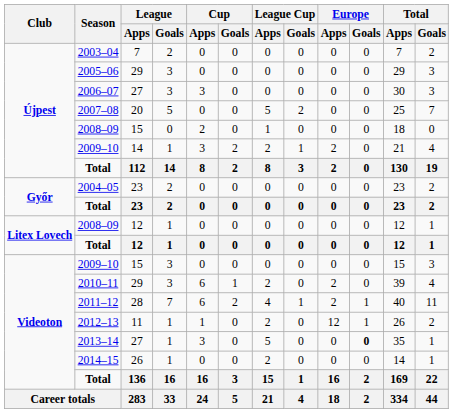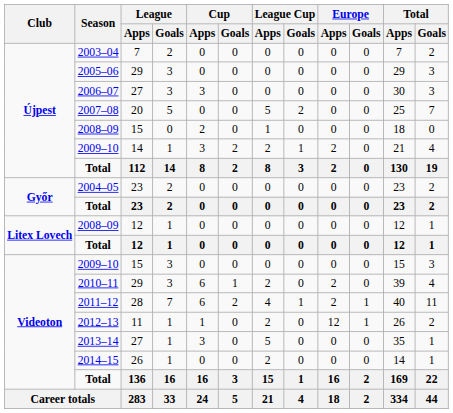 <table class="wikitable" style="font-size:90%; text-align: center;">
 <tr>
 <th rowspan="2">Club</th>
 <th rowspan="2">Season</th>
 <th colspan="2">League</th>
 <th colspan="2">Cup</th>
 <th colspan="2">League Cup</th>
 <th colspan="2"><a href='#'>Europe</a></th>
 <th colspan="2">Total</th>
 </tr>
 <tr>
 <th>Apps</th>
 <th>Goals</th>
 <th>Apps</th>
 <th>Goals</th>
 <th>Apps</th>
 <th>Goals</th>
 <th>Apps</th>
 <th>Goals</th>
 <th>Apps</th>
 <th>Goals</th>
 </tr>
 <tr>
 <td rowspan="7" align=center valign=center><strong><a href='#'>Újpest</a></strong></td>
 <td !colspan="2"><a href='#'>2003–04</a></td>
 <td>7</td>
 <td>2</td>
 <td>0</td>
 <td>0</td>
 <td>0</td>
 <td>0</td>
 <td>0</td>
 <td>0</td>
 <td>7</td>
 <td>2</td>
 </tr>
 <tr>
 <td !colspan="2"><a href='#'>2005–06</a></td>
 <td>29</td>
 <td>3</td>
 <td>0</td>
 <td>0</td>
 <td>0</td>
 <td>0</td>
 <td>0</td>
 <td>0</td>
 <td>29</td>
 <td>3</td>
 </tr>
 <tr>
 <td !colspan="2"><a href='#'>2006–07</a></td>
 <td>27</td>
 <td>3</td>
 <td>3</td>
 <td>0</td>
 <td>0</td>
 <td>0</td>
 <td>0</td>
 <td>0</td>
 <td>30</td>
 <td>3</td>
 </tr>
 <tr>
 <td !colspan="2"><a href='#'>2007–08</a></td>
 <td>20</td>
 <td>5</td>
 <td>0</td>
 <td>0</td>
 <td>5</td>
 <td>2</td>
 <td>0</td>
 <td>0</td>
 <td>25</td>
 <td>7</td>
 </tr>
 <tr>
 <td !colspan="2"><a href='#'>2008–09</a></td>
 <td>15</td>
 <td>0</td>
 <td>2</td>
 <td>0</td>
 <td>1</td>
 <td>0</td>
 <td>0</td>
 <td>0</td>
 <td>18</td>
 <td>0</td>
 </tr>
 <tr>
 <td !colspan="2"><a href='#'>2009–10</a></td>
 <td>14</td>
 <td>1</td>
 <td>3</td>
 <td>2</td>
 <td>2</td>
 <td>1</td>
 <td>2</td>
 <td>0</td>
 <td>21</td>
 <td>4</td>
 </tr>
 <tr>
 <td !colspan="2"><strong>Total</strong></td>
 <th>112</th>
 <th>14</th>
 <th>8</th>
 <th>2</th>
 <th>8</th>
 <th>3</th>
 <th>2</th>
 <th>0</th>
 <th>130</th>
 <th>19</th>
 </tr>
 <tr>
 <td rowspan="2" align=center valign=center><strong><a href='#'>Győr</a></strong></td>
 <td !colspan="2"><a href='#'>2004–05</a></td>
 <td>23</td>
 <td>2</td>
 <td>0</td>
 <td>0</td>
 <td>0</td>
 <td>0</td>
 <td>0</td>
 <td>0</td>
 <td>23</td>
 <td>2</td>
 </tr>
 <tr>
 <td !colspan="2"><strong>Total</strong></td>
 <th>23</th>
 <th>2</th>
 <th>0</th>
 <th>0</th>
 <th>0</th>
 <th>0</th>
 <th>0</th>
 <th>0</th>
 <th>23</th>
 <th>2</th>
 </tr>
 <tr>
 <td rowspan="2" align=center valign=center><strong><a href='#'>Litex Lovech</a></strong></td>
 <td !colspan="2"><a href='#'>2008–09</a></td>
 <td>12</td>
 <td>1</td>
 <td>0</td>
 <td>0</td>
 <td>0</td>
 <td>0</td>
 <td>0</td>
 <td>0</td>
 <td>12</td>
 <td>1</td>
 </tr>
 <tr>
 <td !colspan="2"><strong>Total</strong></td>
 <th>12</th>
 <th>1</th>
 <th>0</th>
 <th>0</th>
 <th>0</th>
 <th>0</th>
 <th>0</th>
 <th>0</th>
 <th>12</th>
 <th>1</th>
 </tr>
 <tr>
 <td rowspan="7" align=center valign=center><strong><a href='#'>Videoton</a></strong></td>
 <td !colspan="2"><a href='#'>2009–10</a></td>
 <td>15</td>
 <td>3</td>
 <td>0</td>
 <td>0</td>
 <td>0</td>
 <td>0</td>
 <td>0</td>
 <td>0</td>
 <td>15</td>
 <td>3</td>
 </tr>
 <tr>
 <td !colspan="2"><a href='#'>2010–11</a></td>
 <td>29</td>
 <td>3</td>
 <td>6</td>
 <td>1</td>
 <td>2</td>
 <td>0</td>
 <td>2</td>
 <td>0</td>
 <td>39</td>
 <td>4</td>
 </tr>
 <tr>
 <td !colspan="2"><a href='#'>2011–12</a></td>
 <td>28</td>
 <td>7</td>
 <td>6</td>
 <td>2</td>
 <td>4</td>
 <td>1</td>
 <td>2</td>
 <td>1</td>
 <td>40</td>
 <td>11</td>
 </tr>
 <tr>
 <td !colspan="2"><a href='#'>2012–13</a></td>
 <td>11</td>
 <td>1</td>
 <td>1</td>
 <td>0</td>
 <td>2</td>
 <td>0</td>
 <td>12</td>
 <td>1</td>
 <td>26</td>
 <td>2</td>
 </tr>
 <tr>
 <td !colspan="2"><a href='#'>2013–14</a></td>
 <td>27</td>
 <td>1</td>
 <td>3</td>
 <td>0</td>
 <td>5</td>
 <td>0</td>
 <td>0</td>
-<td><strong>0</strong></td>
+<td>0</td>
 <td>35</td>
 <td>1</td>
 </tr>
 <tr>
 <td !colspan="2"><a href='#'>2014–15</a></td>
 <td>26</td>
 <td>1</td>
 <td>0</td>
 <td>0</td>
 <td>2</td>
 <td>0</td>
 <td>0</td>
 <td>0</td>
 <td>14</td>
 <td>1</td>
 </tr>
 <tr>
 <td !colspan="2"><strong>Total</strong></td>
 <th>136</th>
 <th>16</th>
 <th>16</th>
 <th>3</th>
 <th>15</th>
 <th>1</th>
 <th>16</th>
 <th>2</th>
 <th>169</th>
 <th>22</th>
 </tr>
 <tr>
 <th colspan="2">Career totals</th>
 <th>283</th>
 <th>33</th>
 <th>24</th>
 <th>5</th>
 <th>21</th>
 <th>4</th>
 <th>18</th>
 <th>2</th>
 <th>334</th>
 <th>44</th>
 </tr>
 </table>
